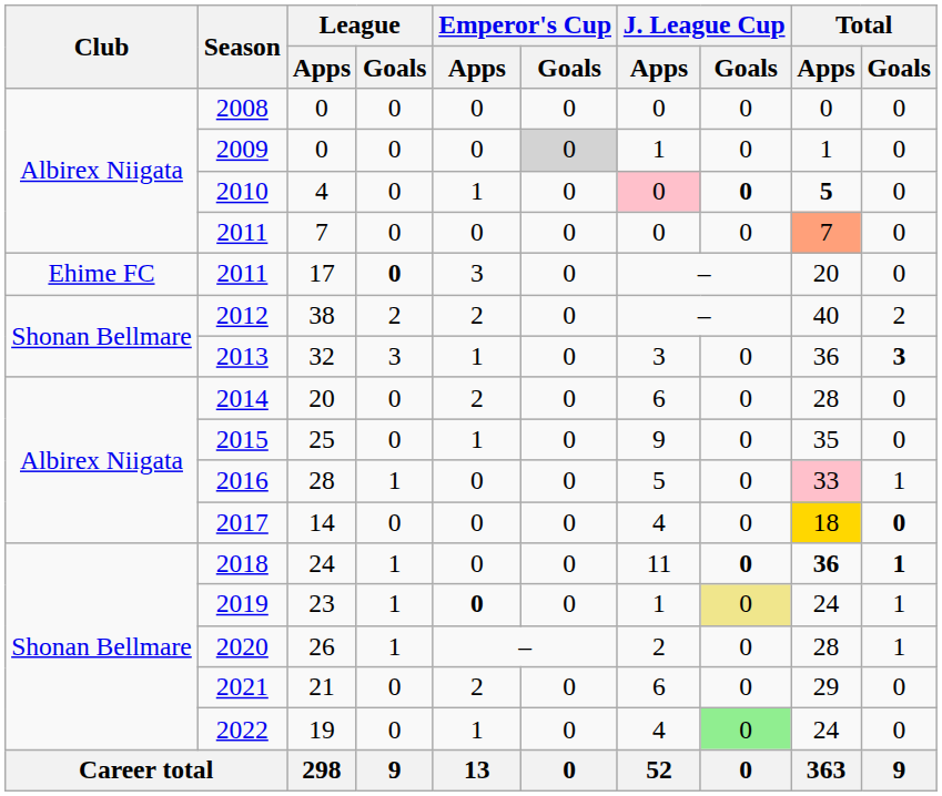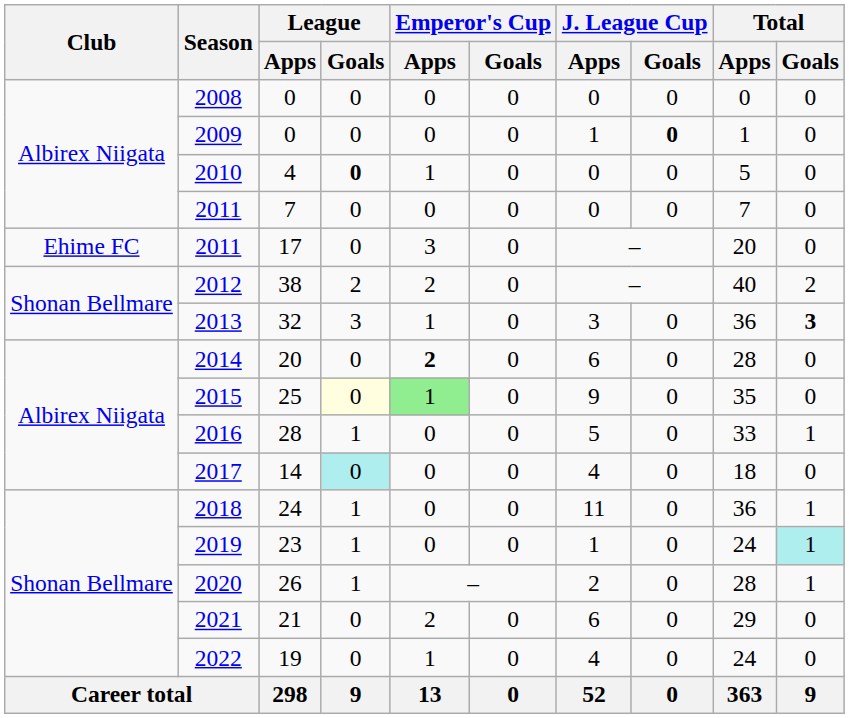 <table class="wikitable" style="text-align: center">
 <tr>
 <th rowspan="2">Club</th>
 <th rowspan="2">Season</th>
 <th colspan="2">League</th>
 <th colspan="2"><a href='#'>Emperor's Cup</a></th>
 <th colspan="2"><a href='#'>J. League Cup</a></th>
 <th colspan="2">Total</th>
 </tr>
 <tr>
 <th>Apps</th>
 <th>Goals</th>
 <th>Apps</th>
 <th>Goals</th>
 <th>Apps</th>
 <th>Goals</th>
 <th>Apps</th>
 <th>Goals</th>
 </tr>
 <tr>
 <td rowspan="4"><a href='#'>Albirex Niigata</a></td>
 <td><a href='#'>2008</a></td>
 <td>0</td>
 <td>0</td>
 <td>0</td>
 <td>0</td>
 <td>0</td>
 <td>0</td>
 <td>0</td>
 <td>0</td>
 </tr>
 <tr>
 <td><a href='#'>2009</a></td>
 <td>0</td>
 <td>0</td>
 <td>0</td>
-<td style="background: lightgrey;">0</td>
+<td>0</td>
 <td>1</td>
-<td>0</td>
+<td><strong>0</strong></td>
 <td>1</td>
 <td>0</td>
 </tr>
 <tr>
 <td><a href='#'>2010</a></td>
 <td>4</td>
-<td>0</td>
+<td><strong>0</strong></td>
 <td>1</td>
 <td>0</td>
-<td style="background: pink;">0</td>
-<td><strong>0</strong></td>
-<td><strong>5</strong></td>
+<td>0</td>
+<td>0</td>
+<td>5</td>
 <td>0</td>
 </tr>
 <tr>
 <td><a href='#'>2011</a></td>
 <td>7</td>
 <td>0</td>
 <td>0</td>
 <td>0</td>
 <td>0</td>
 <td>0</td>
-<td style="background: lightsalmon;">7</td>
+<td>7</td>
 <td>0</td>
 </tr>
 <tr>
 <td><a href='#'>Ehime FC</a></td>
 <td><a href='#'>2011</a></td>
 <td>17</td>
-<td><strong>0</strong></td>
+<td>0</td>
 <td>3</td>
 <td>0</td>
 <td colspan="2">–</td>
 <td>20</td>
 <td>0</td>
 </tr>
 <tr>
 <td rowspan="2"><a href='#'>Shonan Bellmare</a></td>
 <td><a href='#'>2012</a></td>
 <td>38</td>
 <td>2</td>
 <td>2</td>
 <td>0</td>
 <td colspan="2">–</td>
 <td>40</td>
 <td>2</td>
 </tr>
 <tr>
 <td><a href='#'>2013</a></td>
 <td>32</td>
 <td>3</td>
 <td>1</td>
 <td>0</td>
 <td>3</td>
 <td>0</td>
 <td>36</td>
 <td><strong>3</strong></td>
 </tr>
 <tr>
 <td rowspan="4"><a href='#'>Albirex Niigata</a></td>
 <td><a href='#'>2014</a></td>
 <td>20</td>
 <td>0</td>
-<td>2</td>
+<td><strong>2</strong></td>
 <td>0</td>
 <td>6</td>
 <td>0</td>
 <td>28</td>
 <td>0</td>
 </tr>
 <tr>
 <td><a href='#'>2015</a></td>
 <td>25</td>
-<td>0</td>
-<td>1</td>
+<td style="background: lightyellow;">0</td>
+<td style="background: lightgreen;">1</td>
 <td>0</td>
 <td>9</td>
 <td>0</td>
 <td>35</td>
 <td>0</td>
 </tr>
 <tr>
 <td><a href='#'>2016</a></td>
 <td>28</td>
 <td>1</td>
 <td>0</td>
 <td>0</td>
 <td>5</td>
 <td>0</td>
-<td style="background: pink;">33</td>
+<td>33</td>
 <td>1</td>
 </tr>
 <tr>
 <td><a href='#'>2017</a></td>
 <td>14</td>
-<td>0</td>
+<td style="background: paleturquoise;">0</td>
 <td>0</td>
 <td>0</td>
 <td>4</td>
 <td>0</td>
-<td style="background: gold;">18</td>
-<td><strong>0</strong></td>
+<td>18</td>
+<td>0</td>
 </tr>
 <tr>
 <td rowspan="5"><a href='#'>Shonan Bellmare</a></td>
 <td><a href='#'>2018</a></td>
 <td>24</td>
 <td>1</td>
 <td>0</td>
 <td>0</td>
 <td>11</td>
-<td><strong>0</strong></td>
-<td><strong>36</strong></td>
-<td><strong>1</strong></td>
+<td>0</td>
+<td>36</td>
+<td>1</td>
 </tr>
 <tr>
 <td><a href='#'>2019</a></td>
 <td>23</td>
 <td>1</td>
-<td><strong>0</strong></td>
+<td>0</td>
 <td>0</td>
 <td>1</td>
-<td style="background: khaki;">0</td>
+<td>0</td>
 <td>24</td>
-<td>1</td>
+<td style="background: paleturquoise;">1</td>
 </tr>
 <tr>
 <td><a href='#'>2020</a></td>
 <td>26</td>
 <td>1</td>
 <td colspan="2">–</td>
 <td>2</td>
 <td>0</td>
 <td>28</td>
 <td>1</td>
 </tr>
 <tr>
 <td><a href='#'>2021</a></td>
 <td>21</td>
 <td>0</td>
 <td>2</td>
 <td>0</td>
 <td>6</td>
 <td>0</td>
 <td>29</td>
 <td>0</td>
 </tr>
 <tr>
 <td><a href='#'>2022</a></td>
 <td>19</td>
 <td>0</td>
 <td>1</td>
 <td>0</td>
 <td>4</td>
-<td style="background: lightgreen;">0</td>
+<td>0</td>
 <td>24</td>
 <td>0</td>
 </tr>
 <tr>
 <th colspan="2">Career total</th>
 <th>298</th>
 <th>9</th>
 <th>13</th>
 <th>0</th>
 <th>52</th>
 <th>0</th>
 <th>363</th>
 <th>9</th>
 </tr>
 </table>
